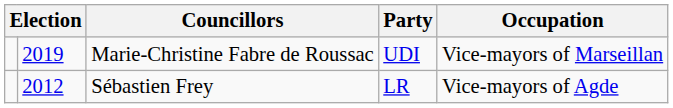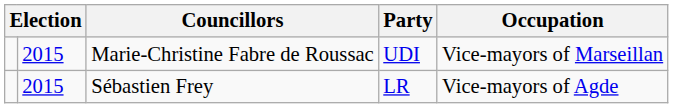 <table class="wikitable">
 <tr>
 <th colspan="2">Election</th>
 <th>Councillors</th>
 <th>Party</th>
 <th>Occupation</th>
 </tr>
 <tr>
 <td style="background-color: "></td>
-<td><a href='#'>2019</a></td>
+<td><a href='#'>2015</a></td>
 <td>Marie-Christine Fabre de Roussac</td>
 <td><a href='#'>UDI</a></td>
 <td>Vice-mayors of <a href='#'>Marseillan</a></td>
 </tr>
 <tr>
 <td style="background-color: "></td>
-<td><a href='#'>2012</a></td>
+<td><a href='#'>2015</a></td>
 <td>Sébastien Frey</td>
 <td><a href='#'>LR</a></td>
 <td>Vice-mayors of <a href='#'>Agde</a></td>
 </tr>
 </table>
